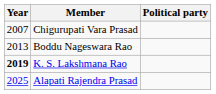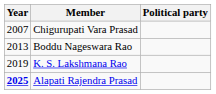 <table class="wikitable sortable">
 <tr>
 <th>Year</th>
 <th>Member</th>
 <th colspan="2">Political party</th>
 </tr>
 <tr>
 <td>2007</td>
 <td>Chigurupati Vara Prasad</td>
 <td></td>
 </tr>
 <tr>
 <td>2013</td>
 <td>Boddu Nageswara Rao</td>
 <td></td>
 </tr>
 <tr>
-<td><strong>2019</strong></td>
+<td>2019</td>
 <td><a href='#'>K. S. Lakshmana Rao</a></td>
 </tr>
 <tr>
-<td><a href='#'>2025</a></td>
+<td><strong><a href='#'>2025</a></strong></td>
 <td><a href='#'>Alapati Rajendra Prasad</a></td>
 <td></td>
 </tr>
 </table>
